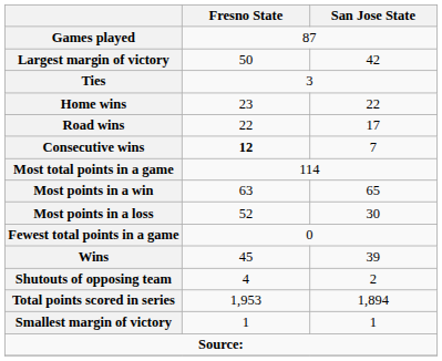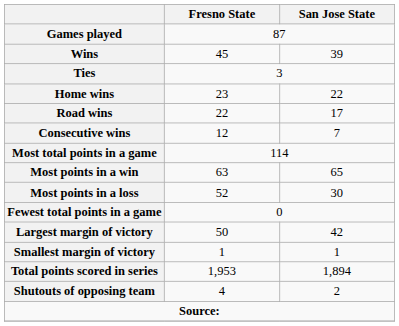 <table class="wikitable plainrowheaders" style="text-align:center">
 <tr>
 <th></th>
 <th width=140>Fresno State</th>
 <th width=140>San Jose State</th>
 </tr>
 <tr>
 <th scope=row>Games played</th>
 <td align=center colspan=2>87</td>
 </tr>
 <tr>
-<th scope=row>Largest margin of victory</th>
-<td>50</td>
-<td>42</td>
+<th scope=row>Wins</th>
+<td>45</td>
+<td>39</td>
 </tr>
 <tr>
 <th scope=row>Ties</th>
 <td align=center colspan=2>3</td>
 </tr>
 <tr>
 <th scope=row>Home wins</th>
 <td>23</td>
 <td>22</td>
 </tr>
 <tr>
 <th scope=row>Road wins</th>
 <td>22</td>
 <td>17</td>
 </tr>
 <tr>
 <th scope=row>Consecutive wins</th>
-<td><strong>12</strong></td>
+<td>12</td>
 <td>7</td>
 </tr>
 <tr>
 <th scope=row>Most total points in a game</th>
 <td align=center colspan=2>114</td>
 </tr>
 <tr>
 <th scope=row>Most points in a win</th>
 <td>63</td>
 <td>65</td>
 </tr>
 <tr>
 <th scope=row>Most points in a loss</th>
 <td>52</td>
 <td>30</td>
 </tr>
 <tr>
 <th scope=row>Fewest total points in a game</th>
 <td align=center colspan=2>0</td>
 </tr>
 <tr>
-<th scope=row>Wins</th>
-<td>45</td>
-<td>39</td>
+<th scope=row>Largest margin of victory</th>
+<td>50</td>
+<td>42</td>
+</tr>
+<tr>
+<th scope=row>Smallest margin of victory</th>
+<td>1</td>
+<td>1</td>
+</tr>
+<tr>
+<th scope=row>Total points scored in series</th>
+<td>1,953</td>
+<td>1,894</td>
 </tr>
 <tr>
 <th scope=row>Shutouts of opposing team</th>
 <td>4</td>
 <td>2</td>
 </tr>
 <tr>
-<th scope=row>Total points scored in series</th>
-<td>1,953</td>
-<td>1,894</td>
-</tr>
-<tr>
-<th scope=row>Smallest margin of victory</th>
-<td>1</td>
-<td>1</td>
-</tr>
-<tr>
 <td colspan=3><strong>Source:</strong></td>
 </tr>
 <tr>
 </tr>
 </table>
